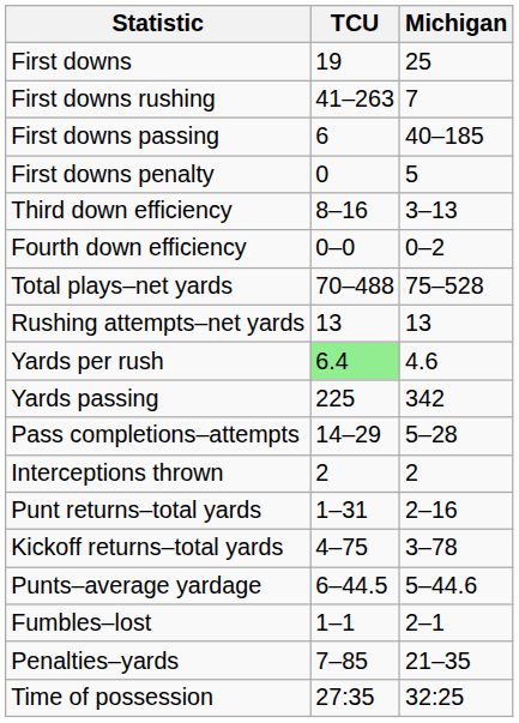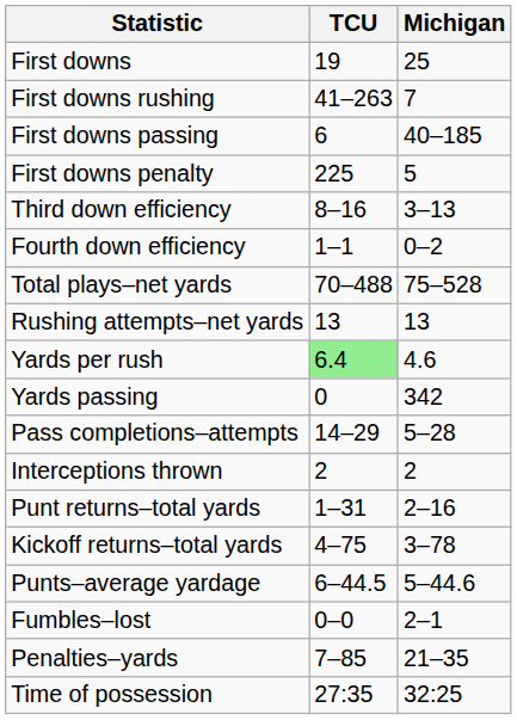 <table class="wikitable">
 <tr>
 <th>Statistic</th>
 <th>TCU</th>
 <th>Michigan</th>
 </tr>
 <tr>
 <td>First downs</td>
 <td>19</td>
 <td>25</td>
 </tr>
 <tr>
 <td>First downs rushing</td>
 <td>41–263</td>
 <td>7</td>
 </tr>
 <tr>
 <td>First downs passing</td>
 <td>6</td>
 <td>40–185</td>
 </tr>
 <tr>
 <td>First downs penalty</td>
-<td>0</td>
+<td>225</td>
 <td>5</td>
 </tr>
 <tr>
 <td>Third down efficiency</td>
 <td>8–16</td>
 <td>3–13</td>
 </tr>
 <tr>
 <td>Fourth down efficiency</td>
-<td>0–0</td>
+<td>1–1</td>
 <td>0–2</td>
 </tr>
 <tr>
 <td>Total plays–net yards</td>
 <td>70–488</td>
 <td>75–528</td>
 </tr>
 <tr>
 <td>Rushing attempts–net yards</td>
 <td>13</td>
 <td>13</td>
 </tr>
 <tr>
 <td>Yards per rush</td>
 <td style="background: lightgreen;">6.4</td>
 <td>4.6</td>
 </tr>
 <tr>
 <td>Yards passing</td>
-<td>225</td>
+<td>0</td>
 <td>342</td>
 </tr>
 <tr>
 <td>Pass completions–attempts</td>
 <td>14–29</td>
 <td>5–28</td>
 </tr>
 <tr>
 <td>Interceptions thrown</td>
 <td>2</td>
 <td>2</td>
 </tr>
 <tr>
 <td>Punt returns–total yards</td>
 <td>1–31</td>
 <td>2–16</td>
 </tr>
 <tr>
 <td>Kickoff returns–total yards</td>
 <td>4–75</td>
 <td>3–78</td>
 </tr>
 <tr>
 <td>Punts–average yardage</td>
 <td>6–44.5</td>
 <td>5–44.6</td>
 </tr>
 <tr>
 <td>Fumbles–lost</td>
-<td>1–1</td>
+<td>0–0</td>
 <td>2–1</td>
 </tr>
 <tr>
 <td>Penalties–yards</td>
 <td>7–85</td>
 <td>21–35</td>
 </tr>
 <tr>
 <td>Time of possession</td>
 <td>27:35</td>
 <td>32:25</td>
 </tr>
 </table>
